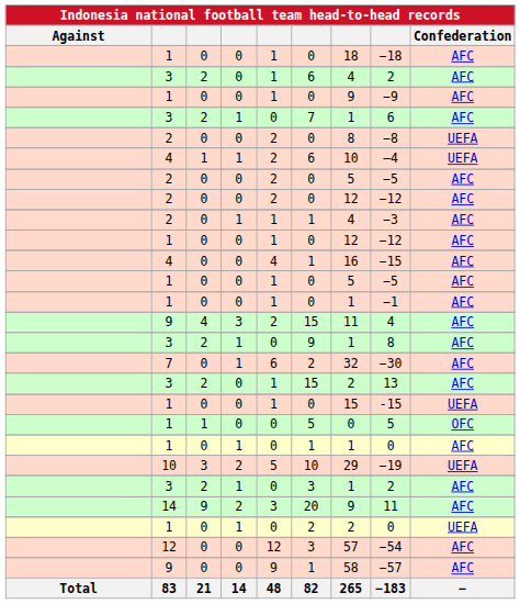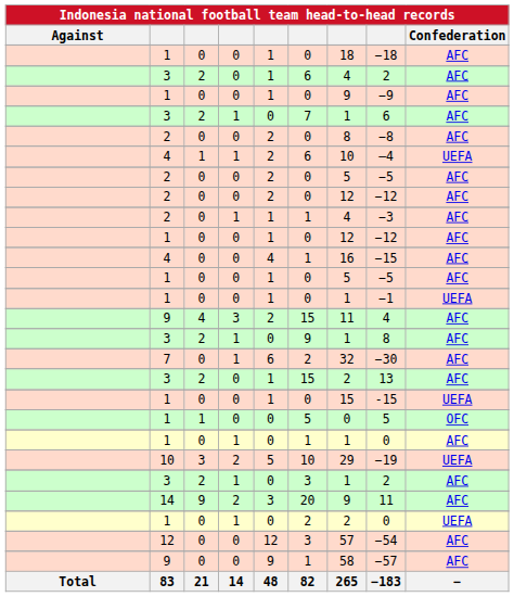 <table class="wikitable sortable mw-collapsible mw-collapsed" style="text-align:center; margin:0.5em auto;">
 <tr>
 <th colspan=12 style="background: #CE1126; color: #FFFFFF;">Indonesia national football team head-to-head records</th>
 </tr>
 <tr>
 <th style="width:145px;">Against</th>
 <th width=30></th>
 <th width=30></th>
 <th width=30></th>
 <th width=30></th>
 <th width=35></th>
 <th width=35></th>
 <th width=35></th>
 <th style="width:1px;">Confederation</th>
 </tr>
 <tr>
 </tr>
 <tr>
 </tr>
 <tr bgcolor=FFDACC>
 <td align=left></td>
 <td>1</td>
 <td>0</td>
 <td>0</td>
 <td>1</td>
 <td>0</td>
 <td>18</td>
 <td>−18</td>
 <td><a href='#'>AFC</a></td>
 </tr>
 <tr>
 </tr>
 <tr>
 </tr>
 <tr bgcolor=CCFFCC>
 <td align=left></td>
 <td>3</td>
 <td>2</td>
 <td>0</td>
 <td>1</td>
 <td>6</td>
 <td>4</td>
 <td>2</td>
 <td><a href='#'>AFC</a></td>
 </tr>
 <tr>
 </tr>
 <tr>
 </tr>
 <tr bgcolor=FFDACC>
 <td align=left></td>
 <td>1</td>
 <td>0</td>
 <td>0</td>
 <td>1</td>
 <td>0</td>
 <td>9</td>
 <td>−9</td>
 <td><a href='#'>AFC</a></td>
 </tr>
 <tr>
 </tr>
 <tr>
 </tr>
 <tr bgcolor=CCFFCC>
 <td align=left></td>
 <td>3</td>
 <td>2</td>
 <td>1</td>
 <td>0</td>
 <td>7</td>
 <td>1</td>
 <td>6</td>
 <td><a href='#'>AFC</a></td>
 </tr>
 <tr>
 </tr>
 <tr>
 </tr>
 <tr bgcolor=FFDACC>
 <td align=left></td>
 <td>2</td>
 <td>0</td>
 <td>0</td>
 <td>2</td>
 <td>0</td>
 <td>8</td>
 <td>−8</td>
-<td><a href='#'>UEFA</a></td>
+<td><a href='#'>AFC</a></td>
 </tr>
 <tr>
 </tr>
 <tr>
 </tr>
 <tr bgcolor=FFDACC>
 <td align=left></td>
 <td>4</td>
 <td>1</td>
 <td>1</td>
 <td>2</td>
 <td>6</td>
 <td>10</td>
 <td>–4</td>
 <td><a href='#'>UEFA</a></td>
 </tr>
 <tr>
 </tr>
 <tr>
 </tr>
 <tr bgcolor=FFDACC>
 <td align=left></td>
 <td>2</td>
 <td>0</td>
 <td>0</td>
 <td>2</td>
 <td>0</td>
 <td>5</td>
 <td>−5</td>
 <td><a href='#'>AFC</a></td>
 </tr>
 <tr>
 </tr>
 <tr>
 </tr>
 <tr bgcolor=FFDACC>
 <td align=left></td>
 <td>2</td>
 <td>0</td>
 <td>0</td>
 <td>2</td>
 <td>0</td>
 <td>12</td>
 <td>−12</td>
 <td><a href='#'>AFC</a></td>
 </tr>
 <tr>
 </tr>
 <tr>
 </tr>
 <tr bgcolor=FFDACC>
 <td align=left></td>
 <td>2</td>
 <td>0</td>
 <td>1</td>
 <td>1</td>
 <td>1</td>
 <td>4</td>
 <td>−3</td>
 <td><a href='#'>AFC</a></td>
 </tr>
 <tr>
 </tr>
 <tr>
 </tr>
 <tr bgcolor=FFDACC>
 <td align=left></td>
 <td>1</td>
 <td>0</td>
 <td>0</td>
 <td>1</td>
 <td>0</td>
 <td>12</td>
 <td>−12</td>
 <td><a href='#'>AFC</a></td>
 </tr>
 <tr>
 </tr>
 <tr>
 </tr>
 <tr bgcolor=FFDACC>
 <td align=left></td>
 <td>4</td>
 <td>0</td>
 <td>0</td>
 <td>4</td>
 <td>1</td>
 <td>16</td>
 <td>−15</td>
 <td><a href='#'>AFC</a></td>
 </tr>
 <tr>
 </tr>
 <tr>
 </tr>
 <tr bgcolor=FFDACC>
 <td align=left></td>
 <td>1</td>
 <td>0</td>
 <td>0</td>
 <td>1</td>
 <td>0</td>
 <td>5</td>
 <td>−5</td>
 <td><a href='#'>AFC</a></td>
 </tr>
 <tr>
 </tr>
 <tr>
 </tr>
 <tr bgcolor=FFDACC>
 <td align=left></td>
 <td>1</td>
 <td>0</td>
 <td>0</td>
 <td>1</td>
 <td>0</td>
 <td>1</td>
 <td>−1</td>
-<td><a href='#'>AFC</a></td>
+<td><a href='#'>UEFA</a></td>
 </tr>
 <tr>
 </tr>
 <tr>
 </tr>
 <tr bgcolor=CCFFCC>
 <td align=left></td>
 <td>9</td>
 <td>4</td>
 <td>3</td>
 <td>2</td>
 <td>15</td>
 <td>11</td>
 <td>4</td>
 <td><a href='#'>AFC</a></td>
 </tr>
 <tr>
 </tr>
 <tr>
 </tr>
 <tr bgcolor=CCFFCC>
 <td align=left></td>
 <td>3</td>
 <td>2</td>
 <td>1</td>
 <td>0</td>
 <td>9</td>
 <td>1</td>
 <td>8</td>
 <td><a href='#'>AFC</a></td>
 </tr>
 <tr>
 </tr>
 <tr>
 </tr>
 <tr bgcolor=FFDACC>
 <td align=left></td>
 <td>7</td>
 <td>0</td>
 <td>1</td>
 <td>6</td>
 <td>2</td>
 <td>32</td>
 <td>−30</td>
 <td><a href='#'>AFC</a></td>
 </tr>
 <tr>
 </tr>
 <tr bgcolor=CCFFCC>
 <td align=left></td>
 <td>3</td>
 <td>2</td>
 <td>0</td>
 <td>1</td>
 <td>15</td>
 <td>2</td>
 <td>13</td>
 <td><a href='#'>AFC</a></td>
 </tr>
 <tr>
 </tr>
 <tr bgcolor=FFDACC>
 <td align=left></td>
 <td>1</td>
 <td>0</td>
 <td>0</td>
 <td>1</td>
 <td>0</td>
 <td>15</td>
 <td>-15</td>
 <td><a href='#'>UEFA</a></td>
 </tr>
 <tr>
 </tr>
 <tr bgcolor=CCFFCC>
 <td align=left></td>
 <td>1</td>
 <td>1</td>
 <td>0</td>
 <td>0</td>
 <td>5</td>
 <td>0</td>
 <td>5</td>
 <td><a href='#'>OFC</a></td>
 </tr>
 <tr>
 </tr>
 <tr bgcolor=FFFFCC>
 <td align=left></td>
 <td>1</td>
 <td>0</td>
 <td>1</td>
 <td>0</td>
 <td>1</td>
 <td>1</td>
 <td>0</td>
 <td><a href='#'>AFC</a></td>
 </tr>
 <tr>
 </tr>
 <tr bgcolor=FFDACC>
 <td align=left></td>
 <td>10</td>
 <td>3</td>
 <td>2</td>
 <td>5</td>
 <td>10</td>
 <td>29</td>
 <td>−19</td>
 <td><a href='#'>UEFA</a></td>
 </tr>
 <tr>
 </tr>
 <tr bgcolor=CCFFCC>
 <td align=left></td>
 <td>3</td>
 <td>2</td>
 <td>1</td>
 <td>0</td>
 <td>3</td>
 <td>1</td>
 <td>2</td>
 <td><a href='#'>AFC</a></td>
 </tr>
 <tr>
 </tr>
 <tr bgcolor=CCFFCC>
 <td align=left></td>
 <td>14</td>
 <td>9</td>
 <td>2</td>
 <td>3</td>
 <td>20</td>
 <td>9</td>
 <td>11</td>
 <td><a href='#'>AFC</a></td>
 </tr>
 <tr>
 </tr>
 <tr bgcolor=FFFFCC>
 <td align=left></td>
 <td>1</td>
 <td>0</td>
 <td>1</td>
 <td>0</td>
 <td>2</td>
 <td>2</td>
 <td>0</td>
 <td><a href='#'>UEFA</a></td>
 </tr>
 <tr>
 </tr>
 <tr>
 </tr>
 <tr bgcolor=FFDACC>
 <td align=left></td>
 <td>12</td>
 <td>0</td>
 <td>0</td>
 <td>12</td>
 <td>3</td>
 <td>57</td>
 <td>−54</td>
 <td><a href='#'>AFC</a></td>
 </tr>
 <tr>
 </tr>
 <tr>
 </tr>
 <tr bgcolor=FFDACC>
 <td align=left></td>
 <td>9</td>
 <td>0</td>
 <td>0</td>
 <td>9</td>
 <td>1</td>
 <td>58</td>
 <td>−57</td>
 <td><a href='#'>AFC</a></td>
 </tr>
 <tr class="sortbottom">
 <th>Total</th>
 <th>83</th>
 <th>21</th>
 <th>14</th>
 <th>48</th>
 <th>82</th>
 <th>265</th>
 <th>−183</th>
 <th>−</th>
 </tr>
 </table>
